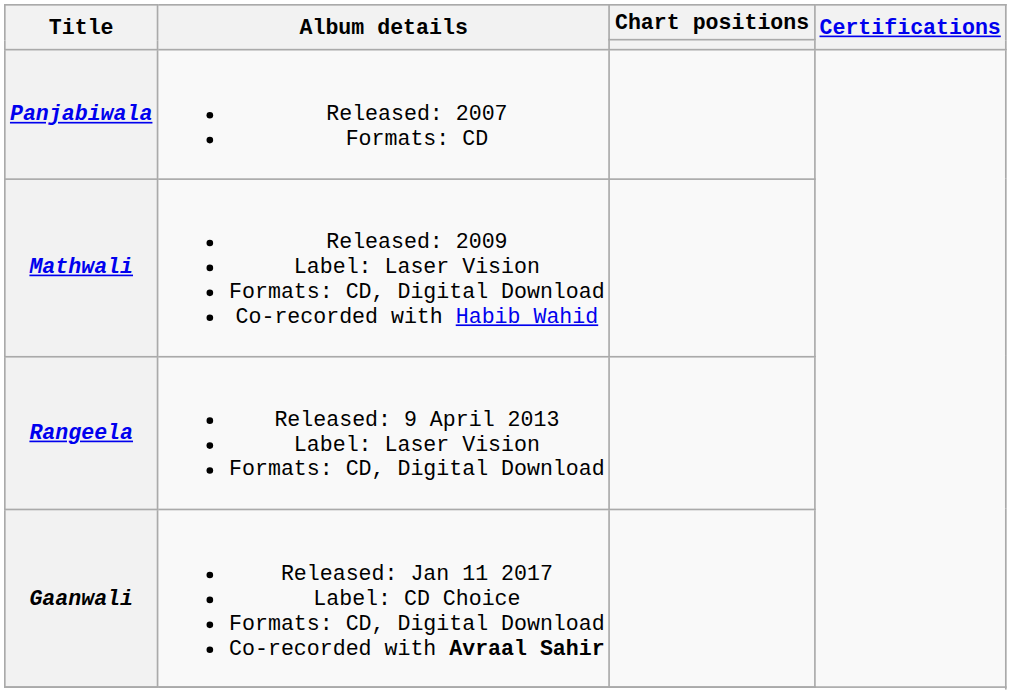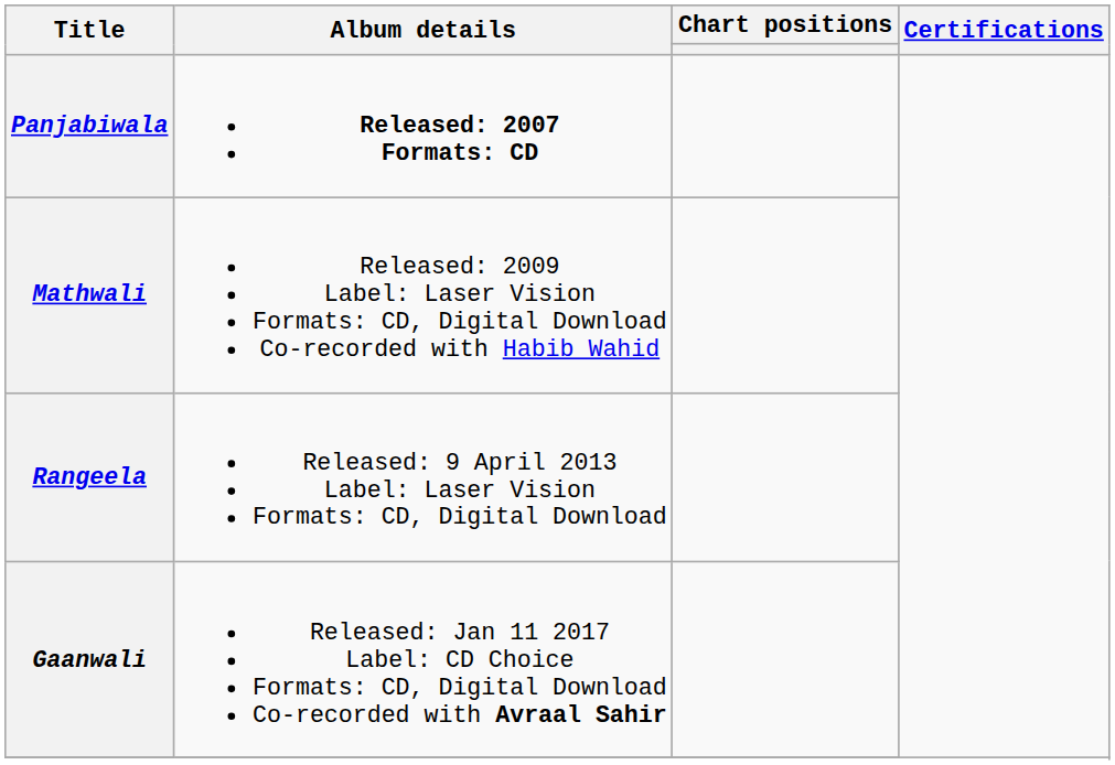 <table class="wikitable plainrowheaders" style="text-align:center;">
 <tr>
 <th scope="col" rowspan="2">Title</th>
 <th scope="col" rowspan="2">Album details</th>
 <th scope="col">Chart positions</th>
 <th scope="col" rowspan="2"><a href='#'>Certifications</a></th>
 </tr>
 <tr>
 <th></th>
 </tr>
 <tr>
 <th scope="row"><em><a href='#'>Panjabiwala</a></em></th>
-<td><br><ul><li>Released: 2007</li><li>Formats: CD</li></ul></td>
+<td><strong><br><ul><li>Released: 2007</li><li>Formats: CD</li></ul></strong></td>
 <td></td>
 </tr>
 <tr>
 <th scope="row"><em><a href='#'>Mathwali</a></em></th>
 <td><br><ul><li>Released: 2009</li><li>Label: Laser Vision</li><li>Formats: CD, Digital Download</li><li>Co-recorded with <a href='#'>Habib Wahid</a></li></ul></td>
 <td></td>
 </tr>
 <tr>
 <th scope="row"><em><a href='#'>Rangeela</a></em></th>
 <td><br><ul><li>Released: 9 April 2013</li><li>Label: Laser Vision</li><li>Formats: CD, Digital Download</li></ul></td>
 <td></td>
 </tr>
 <tr>
 <th scope="row"><em>Gaanwali</em></th>
 <td><br><ul><li>Released: Jan 11 2017</li><li>Label: CD Choice</li><li>Formats: CD, Digital Download</li><li>Co-recorded with <strong>Avraal Sahir</strong></li></ul></td>
 <td></td>
 </tr>
 <tr>
 </tr>
 </table>
